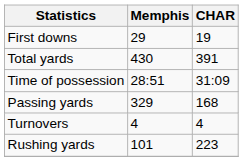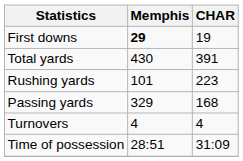 <table class="wikitable" style="float: left;">
 <tr>
 <th>Statistics</th>
 <th>Memphis</th>
 <th>CHAR</th>
 </tr>
 <tr>
 <td>First downs</td>
-<td>29</td>
+<td><strong>29</strong></td>
 <td>19</td>
 </tr>
 <tr>
 <td>Total yards</td>
 <td>430</td>
 <td>391</td>
 </tr>
 <tr>
-<td>Time of possession</td>
-<td>28:51</td>
-<td>31:09</td>
+<td>Rushing yards</td>
+<td>101</td>
+<td>223</td>
 </tr>
 <tr>
 <td>Passing yards</td>
 <td>329</td>
 <td>168</td>
 </tr>
 <tr>
 <td>Turnovers</td>
 <td>4</td>
 <td>4</td>
 </tr>
 <tr>
-<td>Rushing yards</td>
-<td>101</td>
-<td>223</td>
+<td>Time of possession</td>
+<td>28:51</td>
+<td>31:09</td>
 </tr>
 <tr>
 </tr>
 </table>
